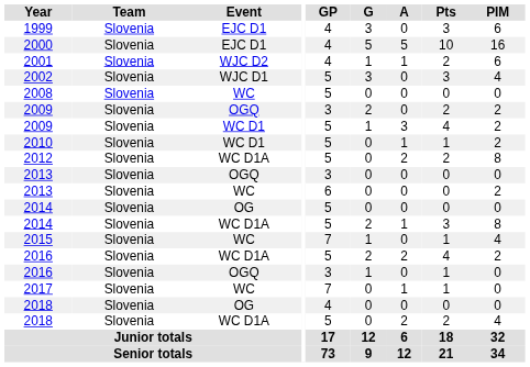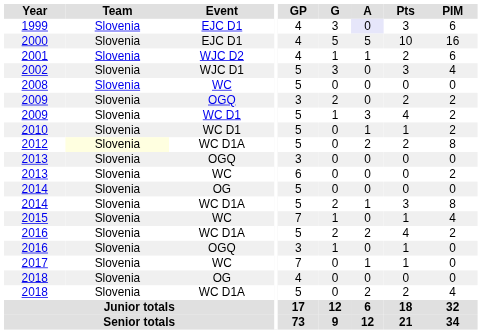 <table border="0" cellpadding="1" cellspacing="0" ID="Table3" style="text-align:center; width:40em">
 <tr ALIGN="center" bgcolor="#e0e0e0">
 <th>Year</th>
 <th>Team</th>
 <th>Event</th>
 <th rowspan="102" bgcolor="#ffffff"></th>
 <th>GP</th>
 <th>G</th>
 <th>A</th>
 <th>Pts</th>
 <th>PIM</th>
 </tr>
 <tr>
 <td><a href='#'>1999</a></td>
 <td><a href='#'>Slovenia</a></td>
 <td><a href='#'>EJC D1</a></td>
 <td>4</td>
 <td>3</td>
-<td>0</td>
+<td style="background: lavender;">0</td>
 <td>3</td>
 <td>6</td>
 </tr>
 <tr bgcolor="#f0f0f0">
 <td><a href='#'>2000</a></td>
 <td>Slovenia</td>
 <td>EJC D1</td>
 <td>4</td>
 <td>5</td>
 <td>5</td>
 <td>10</td>
 <td>16</td>
 </tr>
 <tr>
 <td><a href='#'>2001</a></td>
 <td><a href='#'>Slovenia</a></td>
 <td><a href='#'>WJC D2</a></td>
 <td>4</td>
 <td>1</td>
 <td>1</td>
 <td>2</td>
 <td>6</td>
 </tr>
 <tr bgcolor="#f0f0f0">
 <td><a href='#'>2002</a></td>
 <td>Slovenia</td>
 <td>WJC D1</td>
 <td>5</td>
 <td>3</td>
 <td>0</td>
 <td>3</td>
 <td>4</td>
 </tr>
 <tr>
 <td><a href='#'>2008</a></td>
 <td><a href='#'>Slovenia</a></td>
 <td><a href='#'>WC</a></td>
 <td>5</td>
 <td>0</td>
 <td>0</td>
 <td>0</td>
 <td>0</td>
 </tr>
 <tr bgcolor="#f0f0f0">
 <td><a href='#'>2009</a></td>
 <td>Slovenia</td>
 <td><a href='#'>OGQ</a></td>
 <td>3</td>
 <td>2</td>
 <td>0</td>
 <td>2</td>
 <td>2</td>
 </tr>
 <tr>
 <td><a href='#'>2009</a></td>
 <td>Slovenia</td>
 <td><a href='#'>WC D1</a></td>
 <td>5</td>
 <td>1</td>
 <td>3</td>
 <td>4</td>
 <td>2</td>
 </tr>
 <tr bgcolor="#f0f0f0">
 <td><a href='#'>2010</a></td>
 <td>Slovenia</td>
 <td>WC D1</td>
 <td>5</td>
 <td>0</td>
 <td>1</td>
 <td>1</td>
 <td>2</td>
 </tr>
 <tr>
 <td><a href='#'>2012</a></td>
-<td>Slovenia</td>
+<td style="background: lightyellow;">Slovenia</td>
 <td>WC D1A</td>
 <td>5</td>
 <td>0</td>
 <td>2</td>
 <td>2</td>
 <td>8</td>
 </tr>
 <tr bgcolor="#f0f0f0">
 <td><a href='#'>2013</a></td>
 <td>Slovenia</td>
 <td>OGQ</td>
 <td>3</td>
 <td>0</td>
 <td>0</td>
 <td>0</td>
 <td>0</td>
 </tr>
 <tr>
 <td><a href='#'>2013</a></td>
 <td>Slovenia</td>
 <td>WC</td>
 <td>6</td>
 <td>0</td>
 <td>0</td>
 <td>0</td>
 <td>2</td>
 </tr>
 <tr bgcolor="#f0f0f0">
 <td><a href='#'>2014</a></td>
 <td>Slovenia</td>
 <td>OG</td>
 <td>5</td>
 <td>0</td>
 <td>0</td>
 <td>0</td>
 <td>0</td>
 </tr>
 <tr>
 <td><a href='#'>2014</a></td>
 <td>Slovenia</td>
 <td>WC D1A</td>
 <td>5</td>
 <td>2</td>
 <td>1</td>
 <td>3</td>
 <td>8</td>
 </tr>
 <tr bgcolor="#f0f0f0">
 <td><a href='#'>2015</a></td>
 <td>Slovenia</td>
 <td>WC</td>
 <td>7</td>
 <td>1</td>
 <td>0</td>
 <td>1</td>
 <td>4</td>
 </tr>
 <tr>
 <td><a href='#'>2016</a></td>
 <td>Slovenia</td>
 <td>WC D1A</td>
 <td>5</td>
 <td>2</td>
 <td>2</td>
 <td>4</td>
 <td>2</td>
 </tr>
 <tr bgcolor="#f0f0f0">
 <td><a href='#'>2016</a></td>
 <td>Slovenia</td>
 <td>OGQ</td>
 <td>3</td>
 <td>1</td>
 <td>0</td>
 <td>1</td>
 <td>0</td>
 </tr>
 <tr>
 <td><a href='#'>2017</a></td>
 <td>Slovenia</td>
 <td>WC</td>
 <td>7</td>
 <td>0</td>
 <td>1</td>
 <td>1</td>
 <td>0</td>
 </tr>
 <tr bgcolor="#f0f0f0">
 <td><a href='#'>2018</a></td>
 <td>Slovenia</td>
 <td>OG</td>
 <td>4</td>
 <td>0</td>
 <td>0</td>
 <td>0</td>
 <td>0</td>
 </tr>
 <tr>
 <td><a href='#'>2018</a></td>
 <td>Slovenia</td>
 <td>WC D1A</td>
 <td>5</td>
 <td>0</td>
 <td>2</td>
 <td>2</td>
 <td>4</td>
 </tr>
 <tr bgcolor="#e0e0e0">
 <th colspan=3>Junior totals</th>
 <th>17</th>
 <th>12</th>
 <th>6</th>
 <th>18</th>
 <th>32</th>
 </tr>
 <tr bgcolor="#e0e0e0">
 <th colspan=3>Senior totals</th>
 <th>73</th>
 <th>9</th>
 <th>12</th>
 <th>21</th>
 <th>34</th>
 </tr>
 </table>
